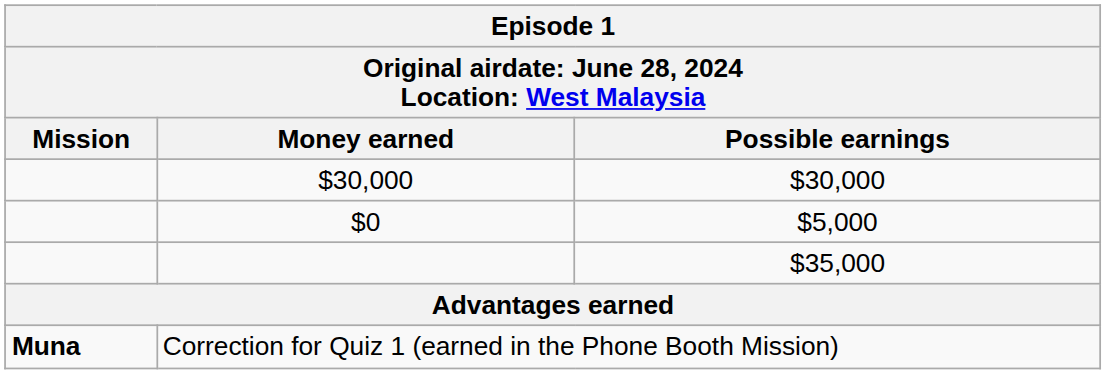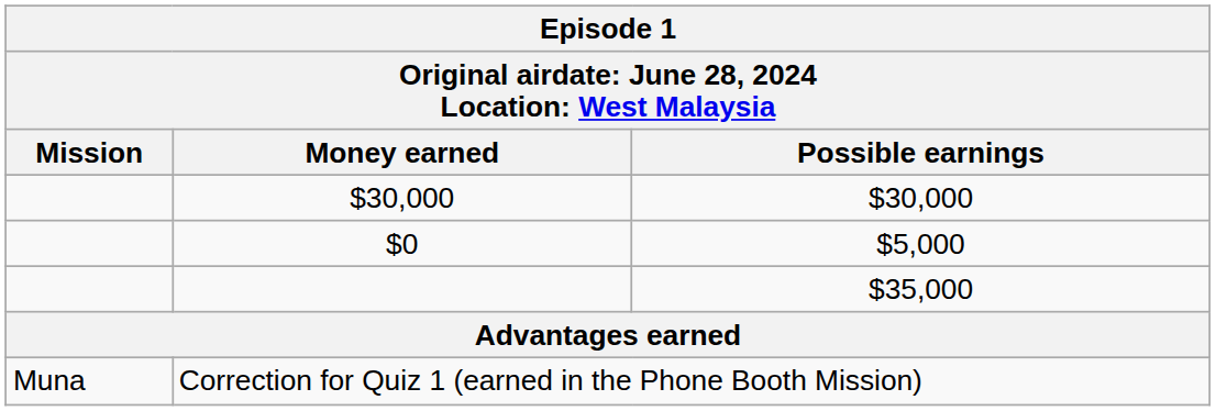 <table class="wikitable" style="font-size: 95%; margin: 10px" align="right" width="40%">
 <tr>
 <th colspan=3>Episode 1</th>
 </tr>
 <tr>
 <th colspan=3>Original airdate: June 28, 2024<br>Location: <a href='#'>West Malaysia</a></th>
 </tr>
 <tr>
 <th>Mission</th>
 <th>Money earned</th>
 <th>Possible earnings</th>
 </tr>
 <tr>
 <td></td>
 <td align="center">$30,000</td>
 <td align="center">$30,000</td>
 </tr>
 <tr>
 <td></td>
 <td align="center">$0</td>
 <td align="center">$5,000</td>
 </tr>
 <tr>
 <td><strong></strong></td>
 <td align="center"><strong></strong></td>
 <td align="center">$35,000</td>
 </tr>
 <tr>
 <th colspan=3>Advantages earned</th>
 </tr>
 <tr>
-<td><strong>Muna</strong></td>
+<td>Muna</td>
 <td colspan=2>Correction for Quiz 1 (earned in the Phone Booth Mission)</td>
 </tr>
 </table>
